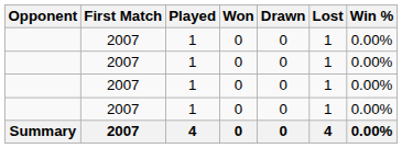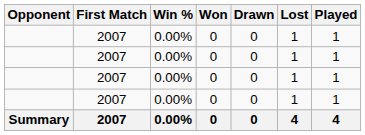 <table class="wikitable sortable" style="text-align:center;">
 <tr>
 <th>Opponent</th>
 <th>First Match</th>
-<th>Played</th>
+<th>Win %</th>
 <th>Won</th>
 <th>Drawn</th>
 <th>Lost</th>
-<th>Win %</th>
+<th>Played</th>
 </tr>
 <tr>
 <td style="text-align: left;"></td>
 <td>2007</td>
-<td>1</td>
+<td>0.00%</td>
 <td>0</td>
 <td>0</td>
 <td>1</td>
-<td>0.00%</td>
+<td>1</td>
 </tr>
 <tr>
 <td style="text-align: left;"></td>
 <td>2007</td>
-<td>1</td>
+<td>0.00%</td>
 <td>0</td>
 <td>0</td>
 <td>1</td>
-<td>0.00%</td>
+<td>1</td>
 </tr>
 <tr>
 <td style="text-align: left;"></td>
 <td>2007</td>
-<td>1</td>
+<td>0.00%</td>
 <td>0</td>
 <td>0</td>
 <td>1</td>
-<td>0.00%</td>
+<td>1</td>
 </tr>
 <tr>
 <td style="text-align: left;"></td>
 <td>2007</td>
-<td>1</td>
+<td>0.00%</td>
 <td>0</td>
 <td>0</td>
 <td>1</td>
-<td>0.00%</td>
+<td>1</td>
 </tr>
 <tr>
 <th>Summary</th>
 <th>2007</th>
-<th>4</th>
+<th>0.00%</th>
 <th>0</th>
 <th>0</th>
 <th>4</th>
-<th>0.00%</th>
+<th>4</th>
 </tr>
 </table>
